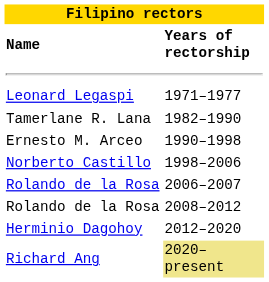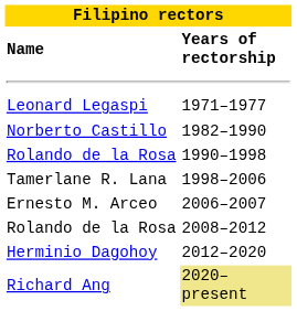 <table class="toccolours" style="float:right; margin-left:1em; font-size:89%; line-height:1.2em;">
 <tr>
 <th colspan="2" style="text-align:center; background:#FFD700;"><strong>Filipino rectors</strong></th>
 </tr>
 <tr>
 <td><strong>Name</strong></td>
 <td style="width:80px;"><strong>Years of<br>rectorship</strong></td>
 </tr>
 <tr>
 <td colspan="2"><hr></td>
 </tr>
 <tr>
 <td><a href='#'>Leonard Legaspi</a></td>
 <td>1971–1977</td>
 </tr>
 <tr>
-<td>Tamerlane R. Lana</td>
+<td><a href='#'>Norberto Castillo</a></td>
 <td>1982–1990</td>
 </tr>
 <tr>
-<td>Ernesto M. Arceo</td>
+<td><a href='#'>Rolando de la Rosa</a></td>
 <td>1990–1998</td>
 </tr>
 <tr>
-<td><a href='#'>Norberto Castillo</a></td>
+<td>Tamerlane R. Lana</td>
 <td>1998–2006</td>
 </tr>
 <tr>
-<td><a href='#'>Rolando de la Rosa</a></td>
+<td>Ernesto M. Arceo</td>
 <td>2006–2007</td>
 </tr>
 <tr>
 <td>Rolando de la Rosa</td>
 <td>2008–2012</td>
 </tr>
 <tr>
 <td><a href='#'>Herminio Dagohoy</a></td>
 <td>2012–2020</td>
 </tr>
 <tr>
 <td><a href='#'>Richard Ang</a></td>
 <td style="background: khaki;">2020–present</td>
 </tr>
 <tr>
 </tr>
 </table>
